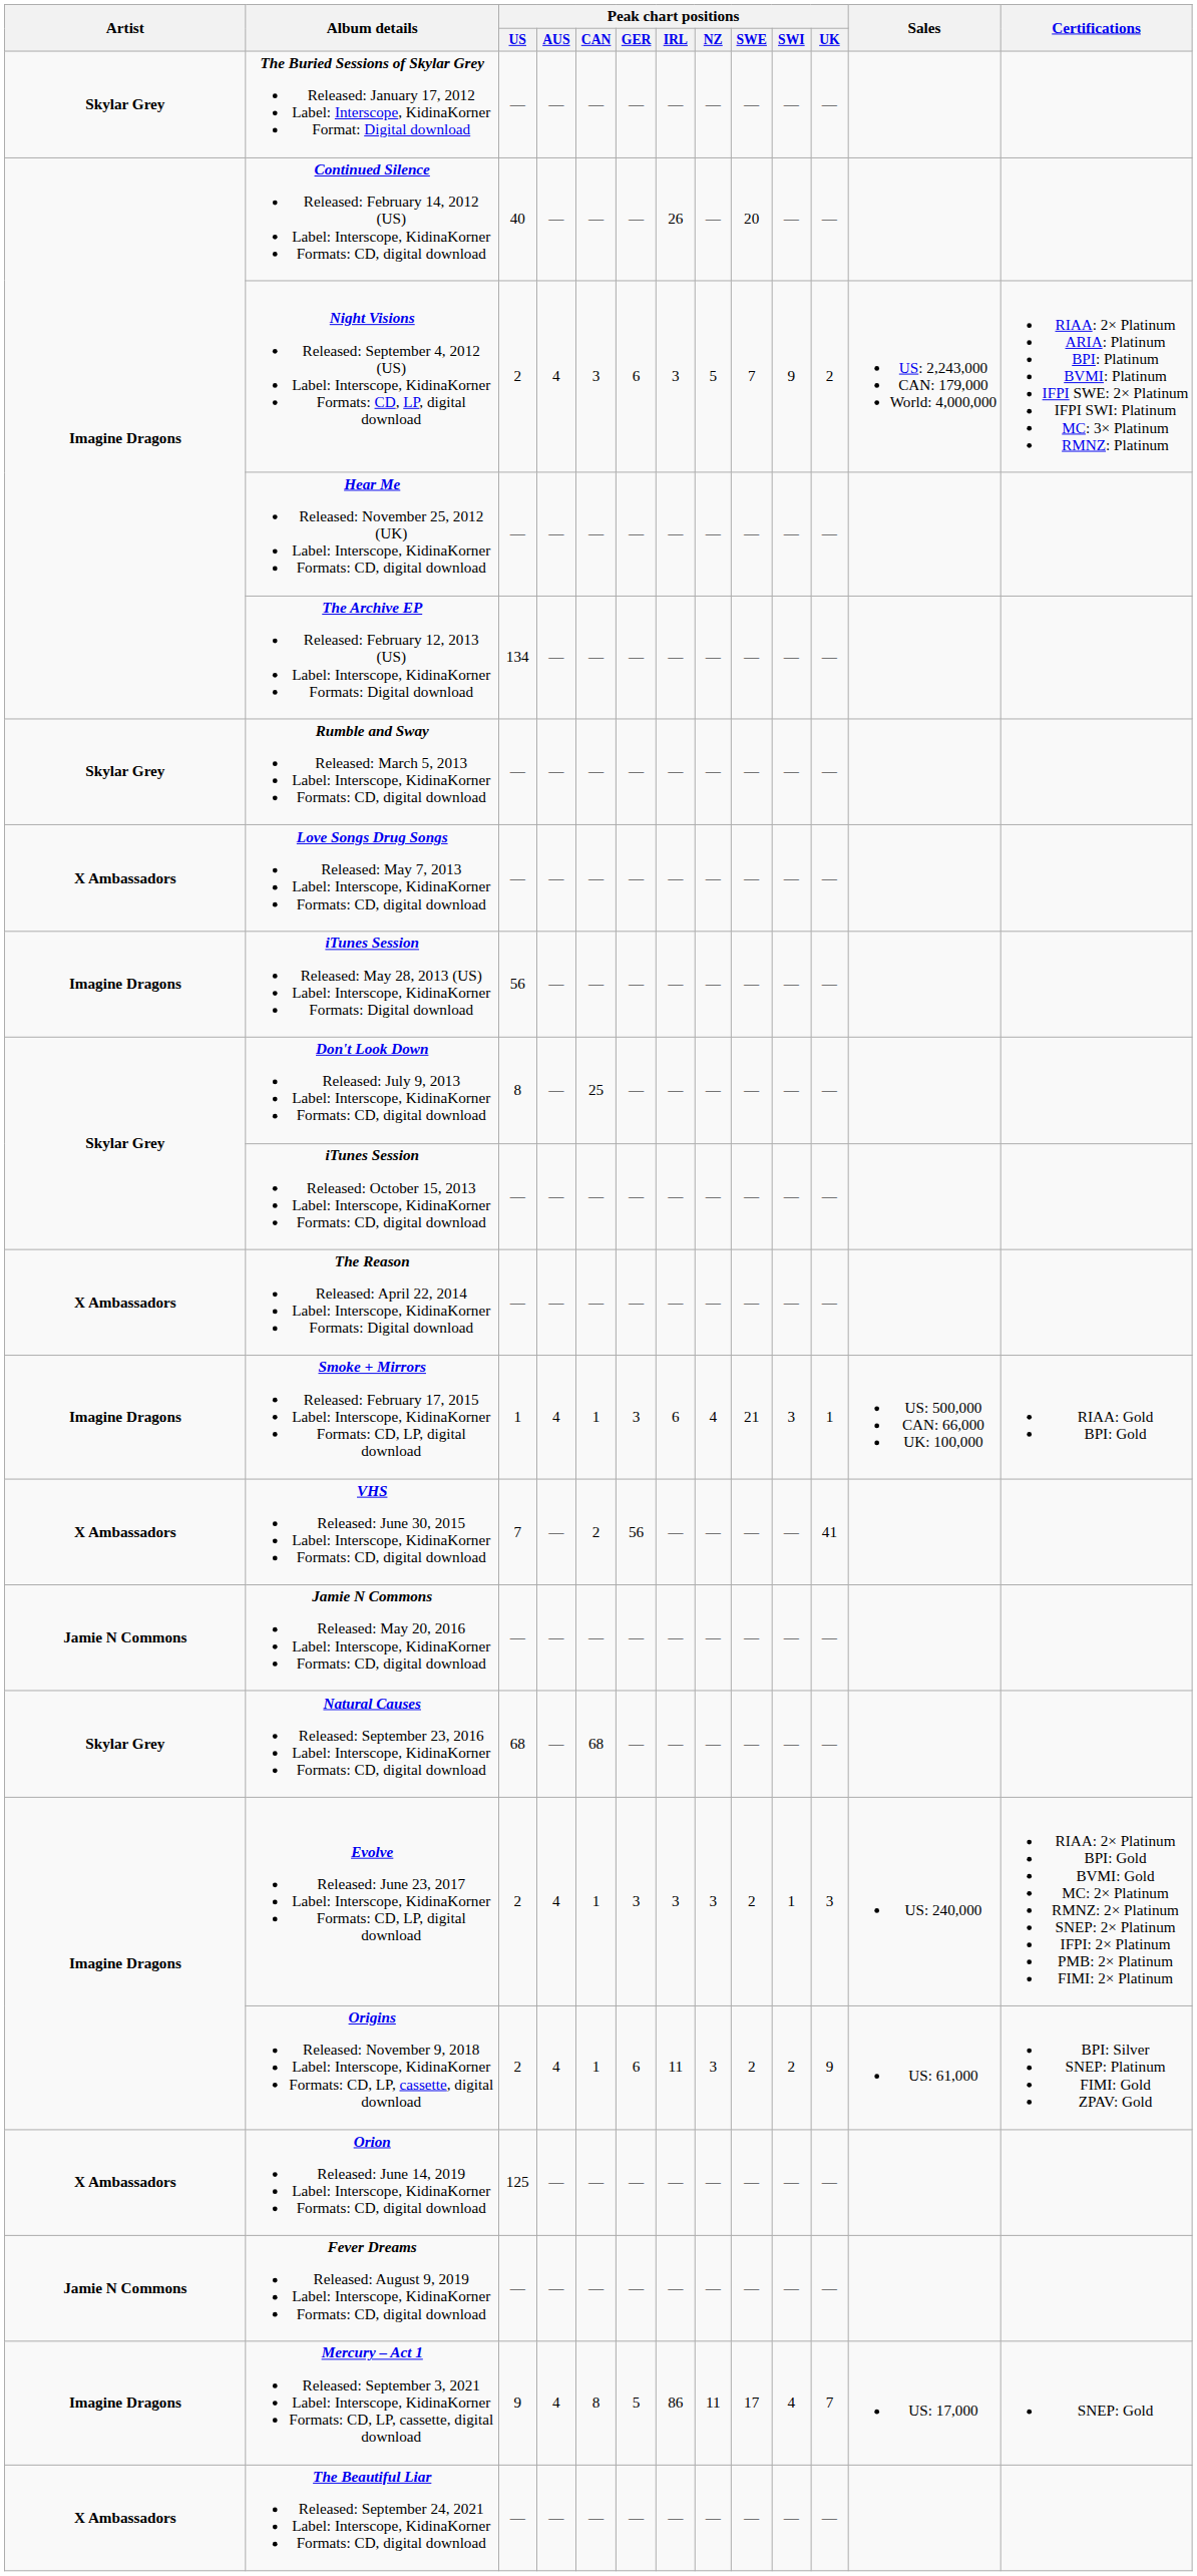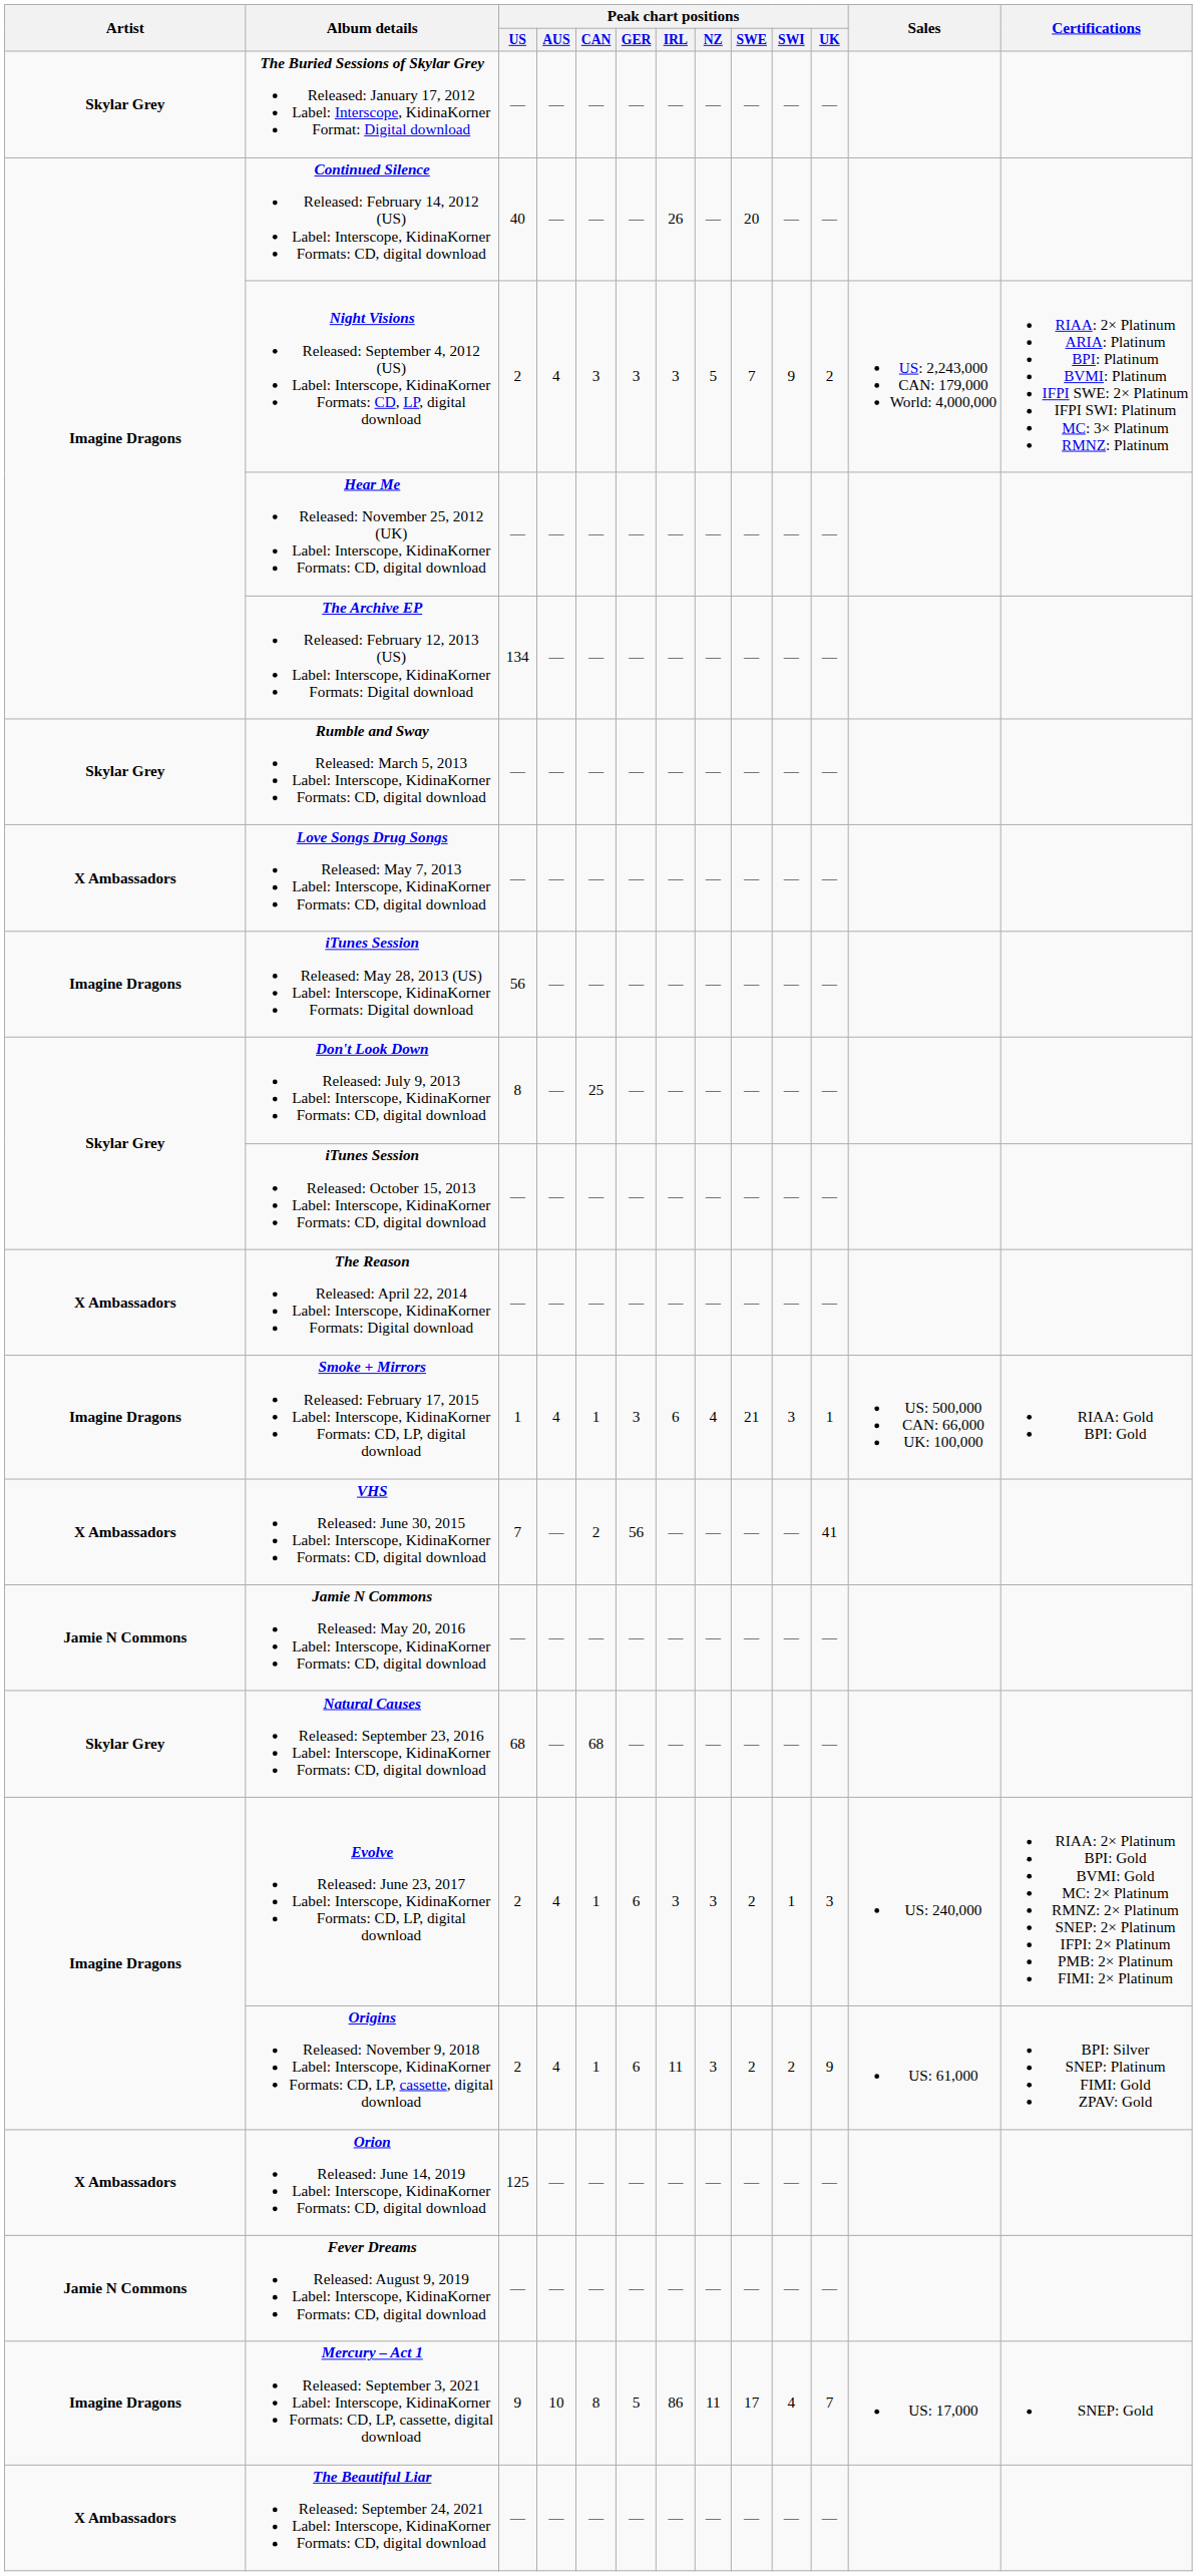 <table class="wikitable plainrowheaders" style="text-align:center;">
 <tr>
 <th scope="col" rowspan="2" style="width:20em;">Artist</th>
 <th scope="col" rowspan="2" style="width:20em;">Album details</th>
 <th scope="col" colspan="9">Peak chart positions</th>
 <th scope="col" rowspan="2" style="width:11em;">Sales</th>
 <th scope="col" rowspan="2" style="width:15em;"><a href='#'>Certifications</a></th>
 </tr>
 <tr>
 <th scope="col" style="width:2.6em;font-size:90%;"><a href='#'>US</a></th>
 <th scope="col" style="width:2.6em;font-size:90%;"><a href='#'>AUS</a></th>
 <th scope="col" style="width:2.6em;font-size:90%;"><a href='#'>CAN</a></th>
 <th scope="col" style="width:2.6em;font-size:90%;"><a href='#'>GER</a></th>
 <th scope="col" style="width:2.6em;font-size:90%;"><a href='#'>IRL</a></th>
 <th scope="col" style="width:2.6em;font-size:90%;"><a href='#'>NZ</a></th>
 <th scope="col" style="width:2.6em;font-size:90%;"><a href='#'>SWE</a></th>
 <th scope="col" style="width:2.6em;font-size:90%;"><a href='#'>SWI</a></th>
 <th scope="col" style="width:2.6em;font-size:90%;"><a href='#'>UK</a></th>
 </tr>
 <tr>
 <td><strong>Skylar Grey</strong></td>
 <td><strong><em>The Buried Sessions of Skylar Grey</em></strong><br><ul><li>Released: January 17, 2012</li><li>Label: <a href='#'>Interscope</a>, KidinaKorner</li><li>Format: <a href='#'>Digital download</a></li></ul></td>
 <td>—</td>
 <td>—</td>
 <td>—</td>
 <td>—</td>
 <td>—</td>
 <td>—</td>
 <td>—</td>
 <td>—</td>
 <td>—</td>
 <td></td>
 <td></td>
 </tr>
 <tr>
 <td rowspan="4"><strong>Imagine Dragons</strong></td>
 <td><strong><em><a href='#'>Continued Silence</a></em></strong><br><ul><li>Released: February 14, 2012 <span>(US)</span></li><li>Label: Interscope, KidinaKorner</li><li>Formats: CD, digital download</li></ul></td>
 <td>40</td>
 <td>—</td>
 <td>—</td>
 <td>—</td>
 <td>26</td>
 <td>—</td>
 <td>20</td>
 <td>—</td>
 <td>—</td>
 <td></td>
 <td></td>
 </tr>
 <tr>
 <td><strong><em><a href='#'>Night Visions</a></em></strong><br><ul><li>Released: September 4, 2012 <span>(US)</span></li><li>Label: Interscope, KidinaKorner</li><li>Formats: <a href='#'>CD</a>, <a href='#'>LP</a>, digital download</li></ul></td>
 <td>2</td>
 <td>4</td>
 <td>3</td>
-<td>6</td>
+<td>3</td>
 <td>3</td>
 <td>5</td>
 <td>7</td>
 <td>9</td>
 <td>2</td>
 <td><br><ul><li><a href='#'>US</a>: 2,243,000</li><li>CAN: 179,000</li><li>World: 4,000,000</li></ul></td>
 <td><br><ul><li><a href='#'>RIAA</a>: 2× Platinum</li><li><a href='#'>ARIA</a>: Platinum</li><li><a href='#'>BPI</a>: Platinum</li><li><a href='#'>BVMI</a>: Platinum</li><li><a href='#'>IFPI</a> SWE: 2× Platinum</li><li>IFPI SWI: Platinum</li><li><a href='#'>MC</a>: 3× Platinum</li><li><a href='#'>RMNZ</a>: Platinum</li></ul></td>
 </tr>
 <tr>
 <td><strong><em><a href='#'>Hear Me</a></em></strong><br><ul><li>Released: November 25, 2012 <span>(UK)</span></li><li>Label: Interscope, KidinaKorner</li><li>Formats: CD, digital download</li></ul></td>
 <td>—</td>
 <td>—</td>
 <td>—</td>
 <td>—</td>
 <td>—</td>
 <td>—</td>
 <td>—</td>
 <td>—</td>
 <td>—</td>
 <td></td>
 <td></td>
 </tr>
 <tr>
 <td><strong><em><a href='#'>The Archive EP</a></em></strong><br><ul><li>Released: February 12, 2013 <span>(US)</span></li><li>Label: Interscope, KidinaKorner</li><li>Formats: Digital download</li></ul></td>
 <td>134</td>
 <td>—</td>
 <td>—</td>
 <td>—</td>
 <td>—</td>
 <td>—</td>
 <td>—</td>
 <td>—</td>
 <td>—</td>
 <td></td>
 <td></td>
 </tr>
 <tr>
 <td><strong>Skylar Grey</strong></td>
 <td><strong><em>Rumble and Sway</em></strong><br><ul><li>Released: March 5, 2013</li><li>Label: Interscope, KidinaKorner</li><li>Formats: CD, digital download</li></ul></td>
 <td>—</td>
 <td>—</td>
 <td>—</td>
 <td>—</td>
 <td>—</td>
 <td>—</td>
 <td>—</td>
 <td>—</td>
 <td>—</td>
 <td></td>
 <td></td>
 </tr>
 <tr>
 <td><strong>X Ambassadors</strong></td>
 <td><strong><em><a href='#'>Love Songs Drug Songs</a></em></strong><br><ul><li>Released: May 7, 2013</li><li>Label: Interscope, KidinaKorner</li><li>Formats: CD, digital download</li></ul></td>
 <td>—</td>
 <td>—</td>
 <td>—</td>
 <td>—</td>
 <td>—</td>
 <td>—</td>
 <td>—</td>
 <td>—</td>
 <td>—</td>
 <td></td>
 <td></td>
 </tr>
 <tr>
 <td><strong>Imagine Dragons</strong></td>
 <td><strong><em><a href='#'>iTunes Session</a></em></strong><br><ul><li>Released: May 28, 2013 <span>(US)</span></li><li>Label: Interscope, KidinaKorner</li><li>Formats: Digital download</li></ul></td>
 <td>56</td>
 <td>—</td>
 <td>—</td>
 <td>—</td>
 <td>—</td>
 <td>—</td>
 <td>—</td>
 <td>—</td>
 <td>—</td>
 <td></td>
 <td></td>
 </tr>
 <tr>
 <td rowspan="2"><strong>Skylar Grey</strong></td>
 <td><strong><em><a href='#'>Don't Look Down</a></em></strong><br><ul><li>Released: July 9, 2013</li><li>Label: Interscope, KidinaKorner</li><li>Formats: CD, digital download</li></ul></td>
 <td>8</td>
 <td>—</td>
 <td>25</td>
 <td>—</td>
 <td>—</td>
 <td>—</td>
 <td>—</td>
 <td>—</td>
 <td>—</td>
 <td></td>
 <td></td>
 </tr>
 <tr>
 <td><strong><em>iTunes Session</em></strong><br><ul><li>Released: October 15, 2013</li><li>Label: Interscope, KidinaKorner</li><li>Formats: CD, digital download</li></ul></td>
 <td>—</td>
 <td>—</td>
 <td>—</td>
 <td>—</td>
 <td>—</td>
 <td>—</td>
 <td>—</td>
 <td>—</td>
 <td>—</td>
 <td></td>
 <td></td>
 </tr>
 <tr>
 <td><strong>X Ambassadors</strong></td>
 <td><strong><em>The Reason</em></strong><br><ul><li>Released: April 22, 2014</li><li>Label: Interscope, KidinaKorner</li><li>Formats: Digital download</li></ul></td>
 <td>—</td>
 <td>—</td>
 <td>—</td>
 <td>—</td>
 <td>—</td>
 <td>—</td>
 <td>—</td>
 <td>—</td>
 <td>—</td>
 <td></td>
 <td></td>
 </tr>
 <tr>
 <td><strong>Imagine Dragons</strong></td>
 <td><strong><em><a href='#'>Smoke + Mirrors</a></em></strong><br><ul><li>Released: February 17, 2015</li><li>Label: Interscope, KidinaKorner</li><li>Formats: CD, LP, digital download</li></ul></td>
 <td>1</td>
 <td>4</td>
 <td>1</td>
 <td>3</td>
 <td>6</td>
 <td>4</td>
 <td>21</td>
 <td>3</td>
 <td>1</td>
 <td><br><ul><li>US: 500,000</li><li>CAN: 66,000</li><li>UK: 100,000</li></ul></td>
 <td><br><ul><li>RIAA: Gold</li><li>BPI: Gold</li></ul></td>
 </tr>
 <tr>
 <td><strong>X Ambassadors</strong></td>
 <td><strong><em><a href='#'>VHS</a></em></strong><br><ul><li>Released: June 30, 2015</li><li>Label: Interscope, KidinaKorner</li><li>Formats: CD, digital download</li></ul></td>
 <td>7</td>
 <td>—</td>
 <td>2</td>
 <td>56</td>
 <td>—</td>
 <td>—</td>
 <td>—</td>
 <td>—</td>
 <td>41</td>
 <td></td>
 <td></td>
 </tr>
 <tr>
 <td><strong>Jamie N Commons</strong></td>
 <td><strong><em>Jamie N Commons</em></strong><br><ul><li>Released: May 20, 2016</li><li>Label: Interscope, KidinaKorner</li><li>Formats: CD, digital download</li></ul></td>
 <td>—</td>
 <td>—</td>
 <td>—</td>
 <td>—</td>
 <td>—</td>
 <td>—</td>
 <td>—</td>
 <td>—</td>
 <td>—</td>
 <td></td>
 <td></td>
 </tr>
 <tr>
 <td><strong>Skylar Grey</strong></td>
 <td><strong><em><a href='#'>Natural Causes</a></em></strong><br><ul><li>Released: September 23, 2016</li><li>Label: Interscope, KidinaKorner</li><li>Formats: CD, digital download</li></ul></td>
 <td>68</td>
 <td>—</td>
 <td>68</td>
 <td>—</td>
 <td>—</td>
 <td>—</td>
 <td>—</td>
 <td>—</td>
 <td>—</td>
 <td></td>
 <td></td>
 </tr>
 <tr>
 <td rowspan="2"><strong>Imagine Dragons</strong></td>
 <td><strong><em><a href='#'>Evolve</a></em></strong><br><ul><li>Released: June 23, 2017</li><li>Label: Interscope, KidinaKorner</li><li>Formats: CD, LP, digital download</li></ul></td>
 <td>2</td>
 <td>4</td>
 <td>1</td>
-<td>3</td>
+<td>6</td>
 <td>3</td>
 <td>3</td>
 <td>2</td>
 <td>1</td>
 <td>3</td>
 <td><br><ul><li>US: 240,000</li></ul></td>
 <td><br><ul><li>RIAA: 2× Platinum</li><li>BPI: Gold</li><li>BVMI: Gold</li><li>MC: 2× Platinum</li><li>RMNZ: 2× Platinum</li><li>SNEP: 2× Platinum</li><li>IFPI: 2× Platinum</li><li>PMB: 2× Platinum</li><li>FIMI: 2× Platinum</li></ul></td>
 </tr>
 <tr>
 <td><strong><em><a href='#'>Origins</a></em></strong><br><ul><li>Released: November 9, 2018</li><li>Label: Interscope, KidinaKorner</li><li>Formats: CD, LP, <a href='#'>cassette</a>, digital download</li></ul></td>
 <td>2</td>
 <td>4</td>
 <td>1</td>
 <td>6</td>
 <td>11</td>
 <td>3</td>
 <td>2</td>
 <td>2</td>
 <td>9</td>
 <td><br><ul><li>US: 61,000</li></ul></td>
 <td><br><ul><li>BPI: Silver</li><li>SNEP: Platinum</li><li>FIMI: Gold</li><li>ZPAV: Gold</li></ul></td>
 </tr>
 <tr>
 <td><strong>X Ambassadors</strong></td>
 <td><strong><em><a href='#'>Orion</a></em></strong><br><ul><li>Released: June 14, 2019</li><li>Label: Interscope, KidinaKorner</li><li>Formats: CD, digital download</li></ul></td>
 <td>125</td>
 <td>—</td>
 <td>—</td>
 <td>—</td>
 <td>—</td>
 <td>—</td>
 <td>—</td>
 <td>—</td>
 <td>—</td>
 <td></td>
 <td></td>
 </tr>
 <tr>
 <td><strong>Jamie N Commons</strong></td>
 <td><strong><em>Fever Dreams</em></strong><br><ul><li>Released: August 9, 2019</li><li>Label: Interscope, KidinaKorner</li><li>Formats: CD, digital download</li></ul></td>
 <td>—</td>
 <td>—</td>
 <td>—</td>
 <td>—</td>
 <td>—</td>
 <td>—</td>
 <td>—</td>
 <td>—</td>
 <td>—</td>
 <td></td>
 <td></td>
 </tr>
 <tr>
 <td><strong>Imagine Dragons</strong></td>
 <td><strong><em><a href='#'>Mercury – Act 1</a></em></strong><br><ul><li>Released: September 3, 2021</li><li>Label: Interscope, KidinaKorner</li><li>Formats: CD, LP, cassette, digital download</li></ul></td>
 <td>9</td>
-<td>4</td>
+<td>10</td>
 <td>8</td>
 <td>5</td>
 <td>86</td>
 <td>11</td>
 <td>17</td>
 <td>4</td>
 <td>7</td>
 <td><br><ul><li>US: 17,000</li></ul></td>
 <td><br><ul><li>SNEP: Gold</li></ul></td>
 </tr>
 <tr>
 <td><strong>X Ambassadors</strong></td>
 <td><strong><em><a href='#'>The Beautiful Liar</a></em></strong><br><ul><li>Released: September 24, 2021</li><li>Label: Interscope, KidinaKorner</li><li>Formats: CD, digital download</li></ul></td>
 <td>—</td>
 <td>—</td>
 <td>—</td>
 <td>—</td>
 <td>—</td>
 <td>—</td>
 <td>—</td>
 <td>—</td>
 <td>—</td>
 <td></td>
 <td></td>
 </tr>
 </table>
